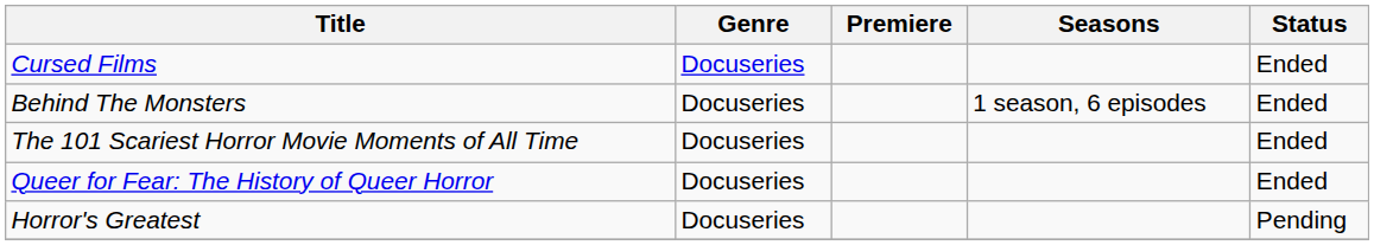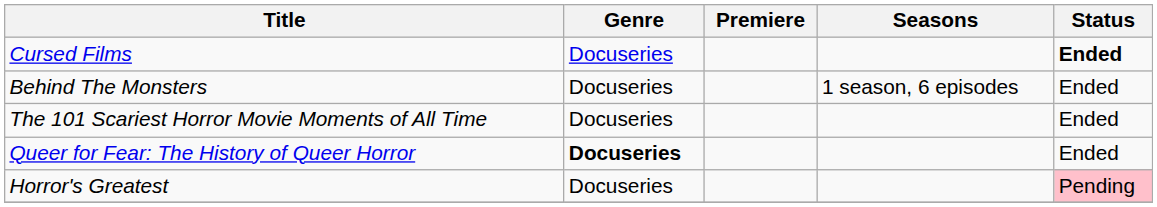 <table class="wikitable sortable" style="width:100%;">
 <tr>
 <th>Title</th>
 <th>Genre</th>
 <th>Premiere</th>
 <th>Seasons</th>
 <th>Status</th>
 </tr>
 <tr>
 <td><em><a href='#'>Cursed Films</a></em></td>
 <td><a href='#'>Docuseries</a></td>
 <td></td>
 <td></td>
-<td>Ended</td>
+<td><strong>Ended</strong></td>
 </tr>
 <tr>
 <td><em>Behind The Monsters</em></td>
 <td>Docuseries</td>
 <td></td>
 <td>1 season, 6 episodes</td>
 <td>Ended</td>
 </tr>
 <tr>
 <td><em>The 101 Scariest Horror Movie Moments of All Time</em></td>
 <td>Docuseries</td>
 <td></td>
 <td></td>
 <td>Ended</td>
 </tr>
 <tr>
 <td><em><a href='#'>Queer for Fear: The History of Queer Horror</a></em></td>
-<td>Docuseries</td>
+<td><strong>Docuseries</strong></td>
 <td></td>
 <td></td>
 <td>Ended</td>
 </tr>
 <tr>
 <td><em>Horror's Greatest</em></td>
 <td>Docuseries</td>
 <td></td>
 <td></td>
-<td>Pending</td>
+<td style="background: pink;">Pending</td>
 </tr>
 <tr>
 </tr>
 </table>
